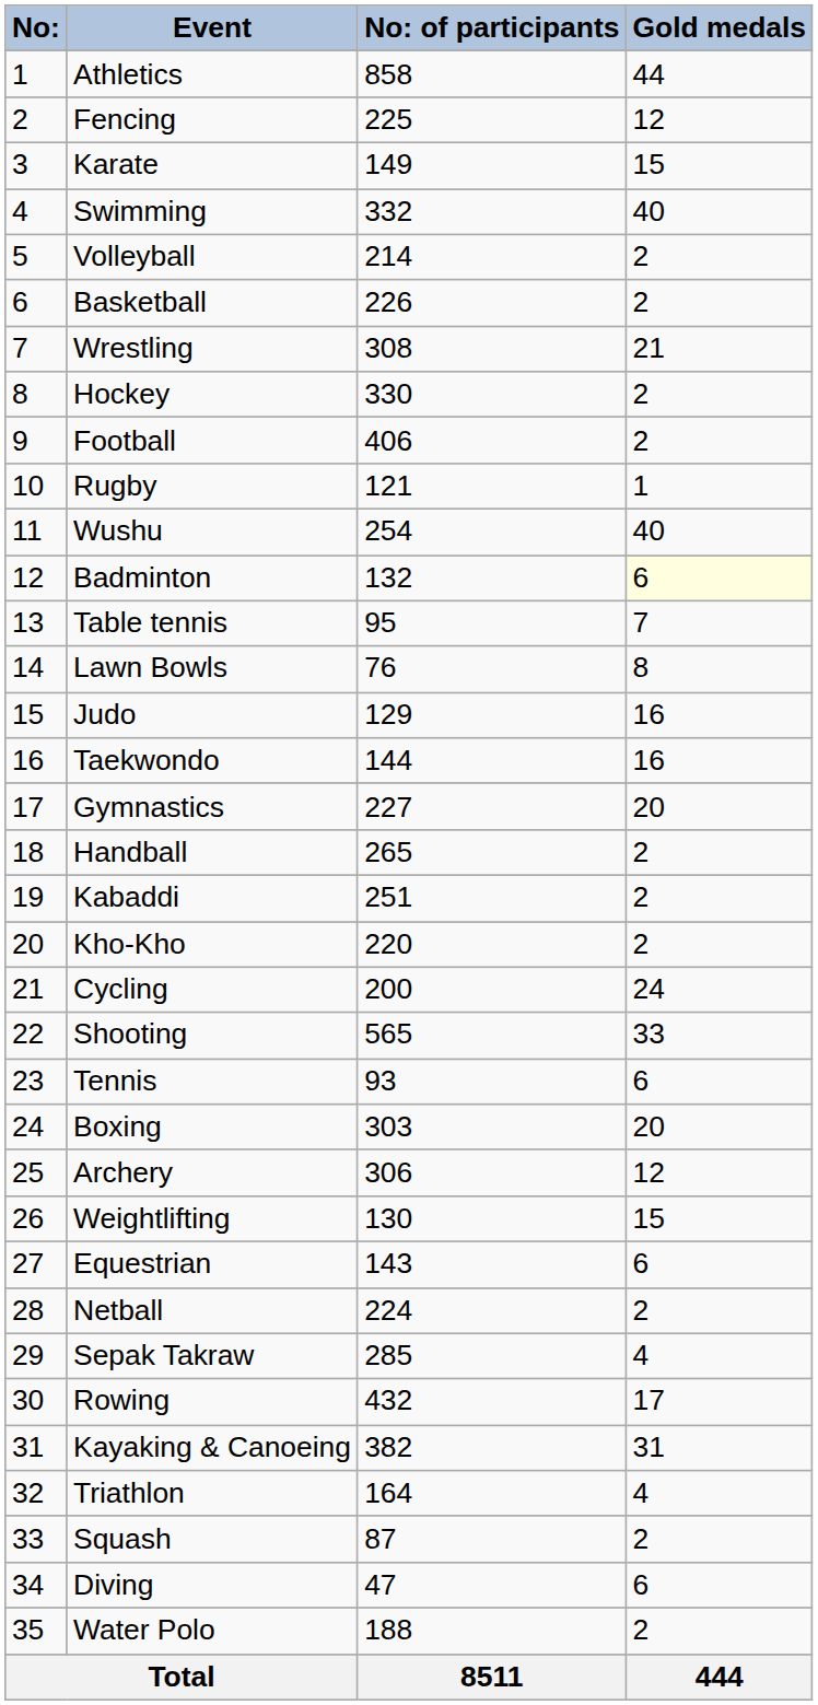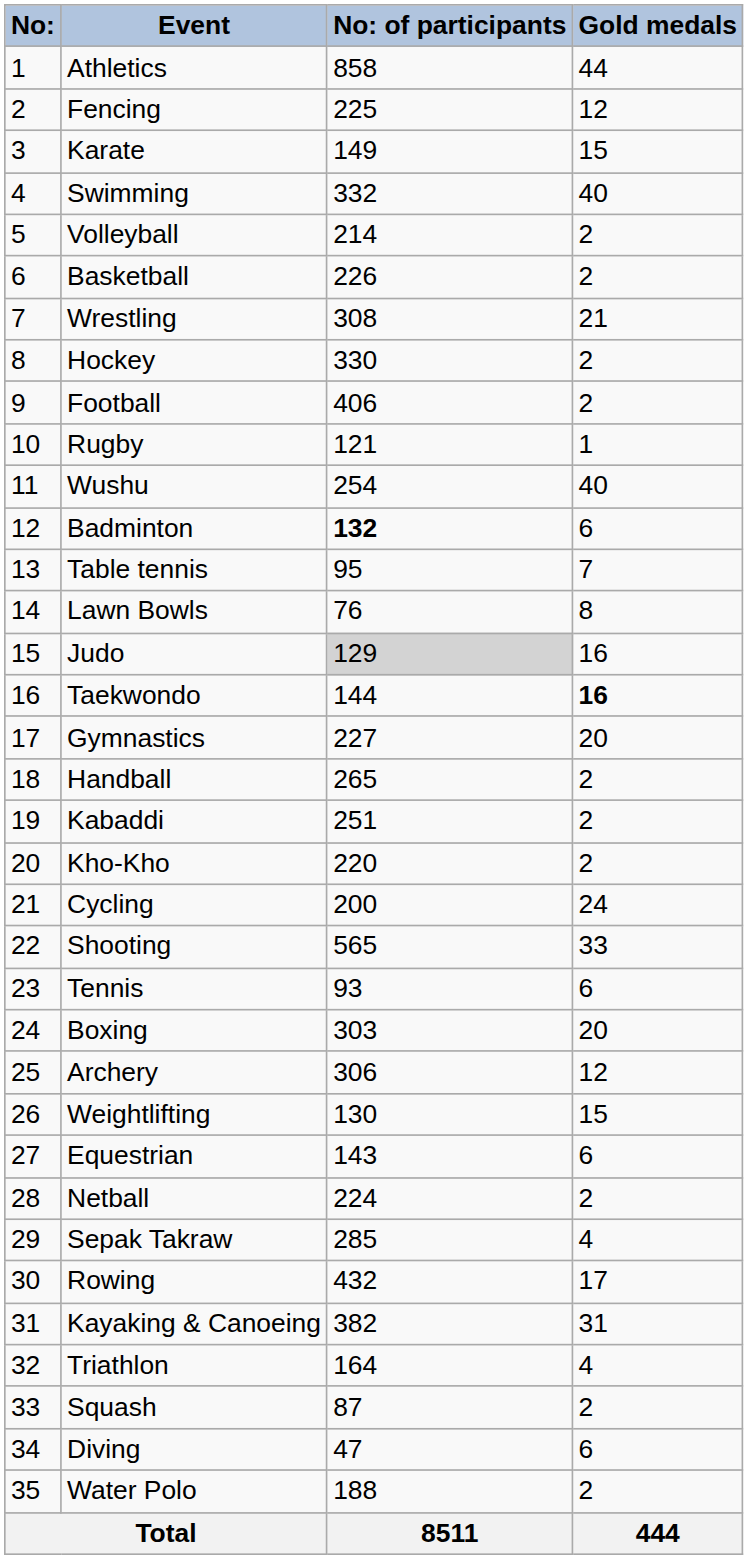 <table class="wikitable sortable">
 <tr style="text-align:center;">
 <th style="background:#B0C4DE;">No:</th>
 <th style="background:#B0C4DE;">Event</th>
 <th style="background:#B0C4DE;">No: of participants</th>
 <th style="background:#B0C4DE;">Gold medals</th>
 </tr>
 <tr>
 <td>1</td>
 <td> Athletics</td>
 <td>858 </td>
 <td>44</td>
 </tr>
 <tr>
 <td>2</td>
 <td> Fencing</td>
 <td>225</td>
 <td>12</td>
 </tr>
 <tr>
 <td>3</td>
 <td> Karate</td>
 <td>149</td>
 <td>15</td>
 </tr>
 <tr>
 <td>4</td>
 <td>  Swimming</td>
 <td>332</td>
 <td>40</td>
 </tr>
 <tr>
 <td>5</td>
 <td> Volleyball</td>
 <td>214</td>
 <td>2</td>
 </tr>
 <tr>
 <td>6</td>
 <td> Basketball</td>
 <td>226 </td>
 <td>2</td>
 </tr>
 <tr>
 <td>7</td>
 <td> Wrestling</td>
 <td>308 </td>
 <td>21</td>
 </tr>
 <tr>
 <td>8</td>
 <td> Hockey</td>
 <td>330 </td>
 <td>2</td>
 </tr>
 <tr>
 <td>9</td>
 <td> Football</td>
 <td>406 </td>
 <td>2</td>
 </tr>
 <tr>
 <td>10</td>
 <td> Rugby</td>
 <td>121</td>
 <td>1</td>
 </tr>
 <tr>
 <td>11</td>
 <td> Wushu</td>
 <td>254 </td>
 <td>40</td>
 </tr>
 <tr>
 <td>12</td>
 <td>  Badminton</td>
-<td>132 </td>
-<td style="background: lightyellow;">6</td>
+<td><strong>132 </strong></td>
+<td>6</td>
 </tr>
 <tr>
 <td>13</td>
 <td> Table tennis</td>
 <td>95 </td>
 <td>7</td>
 </tr>
 <tr>
 <td>14</td>
 <td> Lawn Bowls</td>
 <td>76</td>
 <td>8</td>
 </tr>
 <tr>
 <td>15</td>
 <td> Judo</td>
-<td>129 </td>
+<td style="background: lightgrey;">129 </td>
 <td>16</td>
 </tr>
 <tr>
 <td>16</td>
 <td> Taekwondo</td>
 <td>144 </td>
-<td>16</td>
+<td><strong>16</strong></td>
 </tr>
 <tr>
 <td>17</td>
 <td> Gymnastics</td>
 <td>227 </td>
 <td>20</td>
 </tr>
 <tr>
 <td>18</td>
 <td>   Handball</td>
 <td>265 </td>
 <td>2</td>
 </tr>
 <tr>
 <td>19</td>
 <td>Kabaddi</td>
 <td>251 </td>
 <td>2</td>
 </tr>
 <tr>
 <td>20</td>
 <td>Kho-Kho</td>
 <td>220 </td>
 <td>2</td>
 </tr>
 <tr>
 <td>21</td>
 <td> Cycling</td>
 <td>200 </td>
 <td>24</td>
 </tr>
 <tr>
 <td>22</td>
 <td> Shooting</td>
 <td>565 </td>
 <td>33</td>
 </tr>
 <tr>
 <td>23</td>
 <td> Tennis</td>
 <td>93 </td>
 <td>6</td>
 </tr>
 <tr>
 <td>24</td>
 <td> Boxing</td>
 <td>303 </td>
 <td>20</td>
 </tr>
 <tr>
 <td>25</td>
 <td> Archery</td>
 <td>306 </td>
 <td>12</td>
 </tr>
 <tr>
 <td>26</td>
 <td> Weightlifting</td>
 <td>130 </td>
 <td>15</td>
 </tr>
 <tr>
 <td>27</td>
 <td> Equestrian</td>
 <td>143 </td>
 <td>6</td>
 </tr>
 <tr>
 <td>28</td>
 <td>  Netball</td>
 <td>224 </td>
 <td>2</td>
 </tr>
 <tr>
 <td>29</td>
 <td>  Sepak Takraw</td>
 <td>285 </td>
 <td>4</td>
 </tr>
 <tr>
 <td>30</td>
 <td>  Rowing</td>
 <td>432 </td>
 <td>17</td>
 </tr>
 <tr>
 <td>31</td>
 <td>  Kayaking & Canoeing</td>
 <td>382 </td>
 <td>31</td>
 </tr>
 <tr>
 <td>32</td>
 <td>  Triathlon</td>
 <td>164 </td>
 <td>4</td>
 </tr>
 <tr>
 <td>33</td>
 <td> Squash</td>
 <td>87 </td>
 <td>2</td>
 </tr>
 <tr>
 <td>34</td>
 <td>  Diving</td>
 <td>47</td>
 <td>6</td>
 </tr>
 <tr>
 <td>35</td>
 <td>  Water Polo</td>
 <td>188</td>
 <td>2</td>
 </tr>
 <tr>
 <th colspan=2>Total</th>
 <th>8511</th>
 <th>444</th>
 </tr>
 </table>
